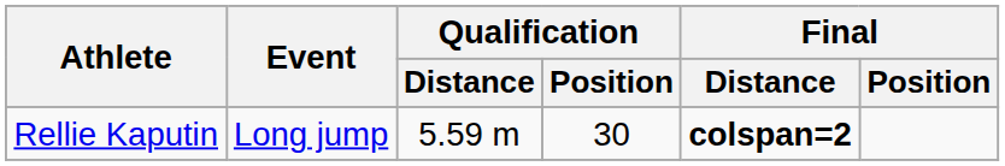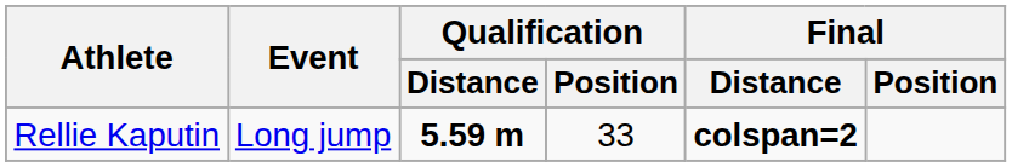 <table class=wikitable style=font-size:90%>
 <tr>
 <th rowspan=2>Athlete</th>
 <th rowspan=2>Event</th>
 <th colspan=2>Qualification</th>
 <th colspan=2>Final</th>
 </tr>
 <tr style=font-size:95%>
 <th>Distance</th>
 <th>Position</th>
 <th>Distance</th>
 <th>Position</th>
 </tr>
 <tr align=center>
 <td align=left><a href='#'>Rellie Kaputin</a></td>
 <td align=left><a href='#'>Long jump</a></td>
-<td>5.59 m</td>
-<td>30</td>
+<td><strong>5.59 m</strong></td>
+<td>33</td>
 <td><strong>colspan=2 </strong></td>
 </tr>
 </table>
